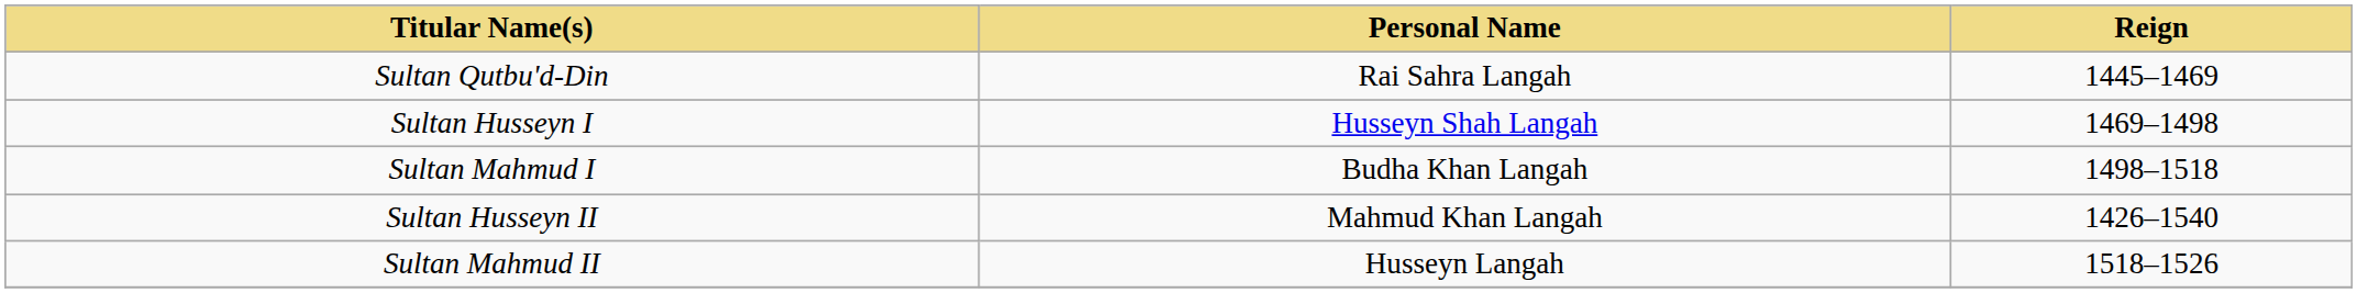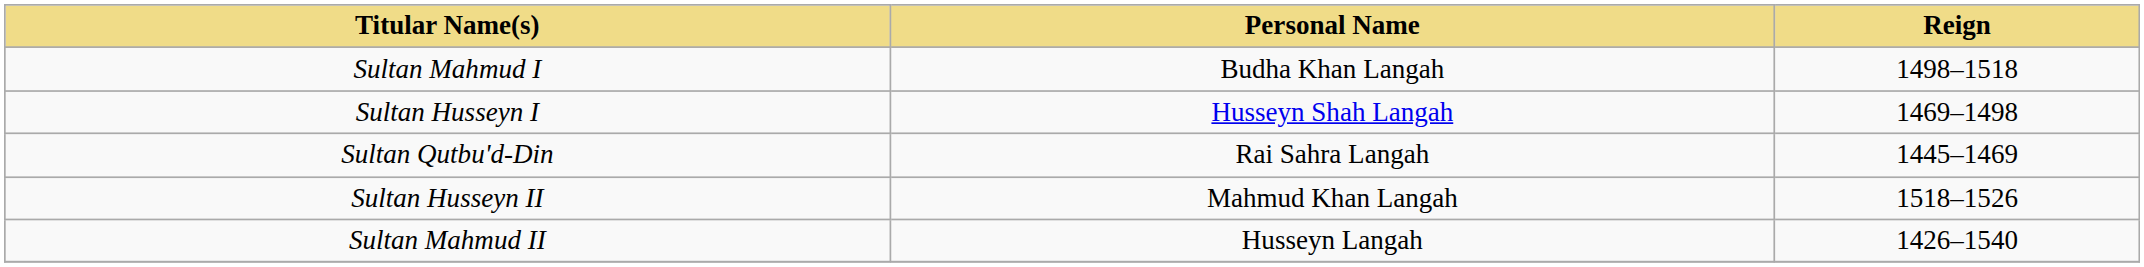 <table style="width:100%;" class="wikitable">
 <tr>
 <th style="background:#f0dc88; width:17%;">Titular Name(s)</th>
 <th style="background:#f0dc88; width:17%;">Personal Name</th>
 <th style="background:#f0dc88; width:7%;">Reign</th>
 </tr>
 <tr>
-<td style="text-align:center;"><em>Sultan Qutbu'd-Din</em><br><small></small></td>
-<td style="text-align:center;">Rai Sahra Langah<br><small></small></td>
-<td style="text-align:center;">1445–1469</td>
+<td style="text-align:center;"><em>Sultan Mahmud I</em><br><small></small></td>
+<td style="text-align:center;">Budha Khan Langah<br><small></small></td>
+<td style="text-align:center;">1498–1518</td>
 </tr>
 <tr>
 <td style="text-align:center;"><em>Sultan Husseyn I</em><br><small></small></td>
 <td style="text-align:center;"><a href='#'>Husseyn Shah Langah</a><br><small></small></td>
 <td style="text-align:center;">1469–1498</td>
 </tr>
 <tr>
-<td style="text-align:center;"><em>Sultan Mahmud I</em><br><small></small></td>
-<td style="text-align:center;">Budha Khan Langah<br><small></small></td>
-<td style="text-align:center;">1498–1518</td>
+<td style="text-align:center;"><em>Sultan Qutbu'd-Din</em><br><small></small></td>
+<td style="text-align:center;">Rai Sahra Langah<br><small></small></td>
+<td style="text-align:center;">1445–1469</td>
 </tr>
 <tr>
 <td style="text-align:center;"><em>Sultan Husseyn II</em><br><small></small></td>
 <td style="text-align:center;">Mahmud Khan Langah<br><small></small></td>
-<td style="text-align:center;">1426–1540</td>
+<td style="text-align:center;">1518–1526</td>
 </tr>
 <tr>
 <td style="text-align:center;"><em>Sultan Mahmud II</em><br><small></small></td>
 <td style="text-align:center;">Husseyn Langah <br><small></small></td>
-<td style="text-align:center;">1518–1526</td>
+<td style="text-align:center;">1426–1540</td>
 </tr>
 <tr>
 </tr>
 </table>
